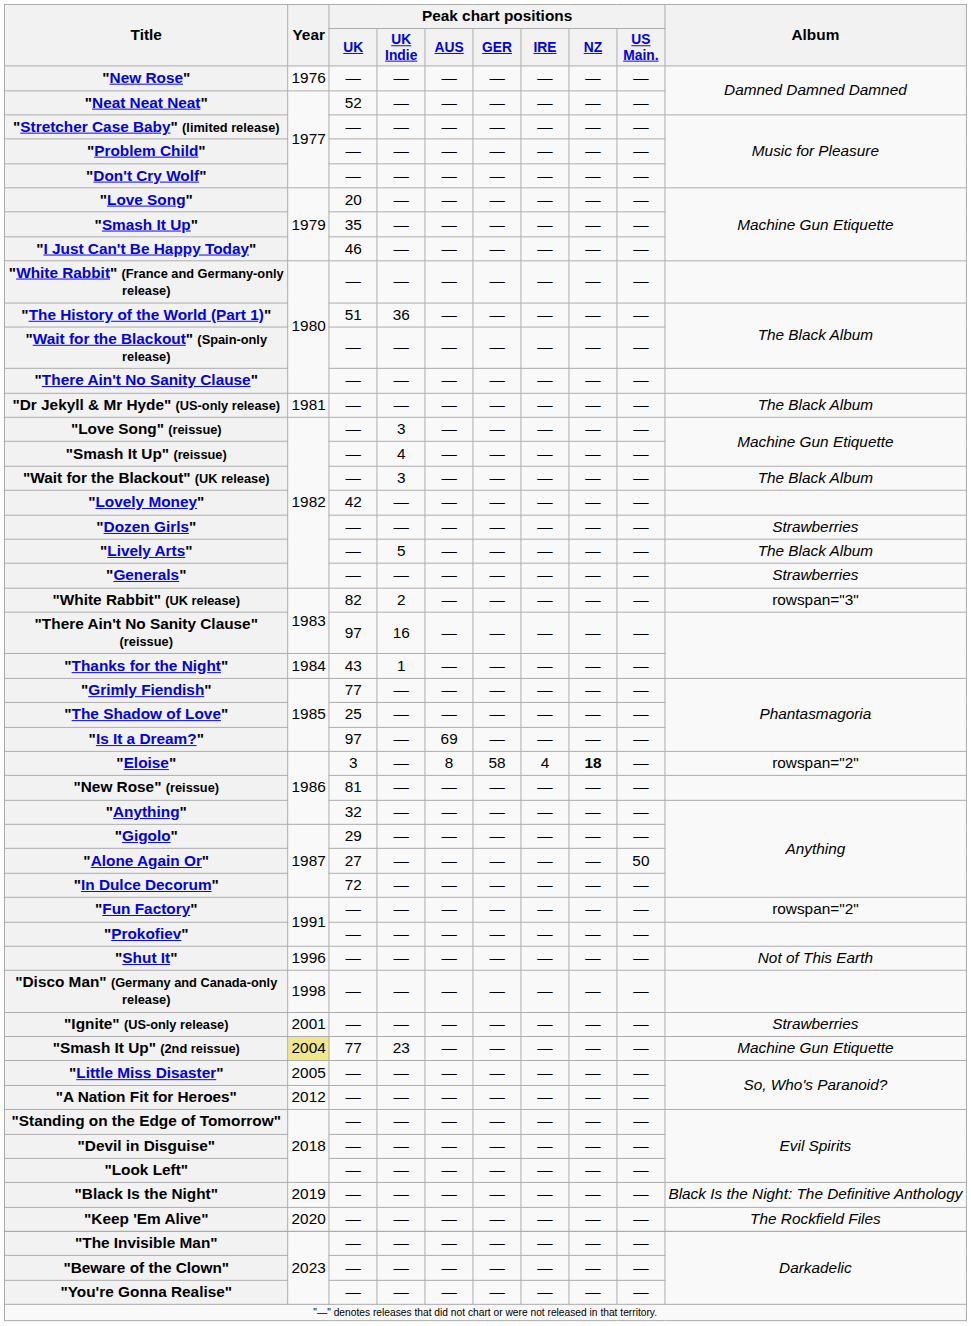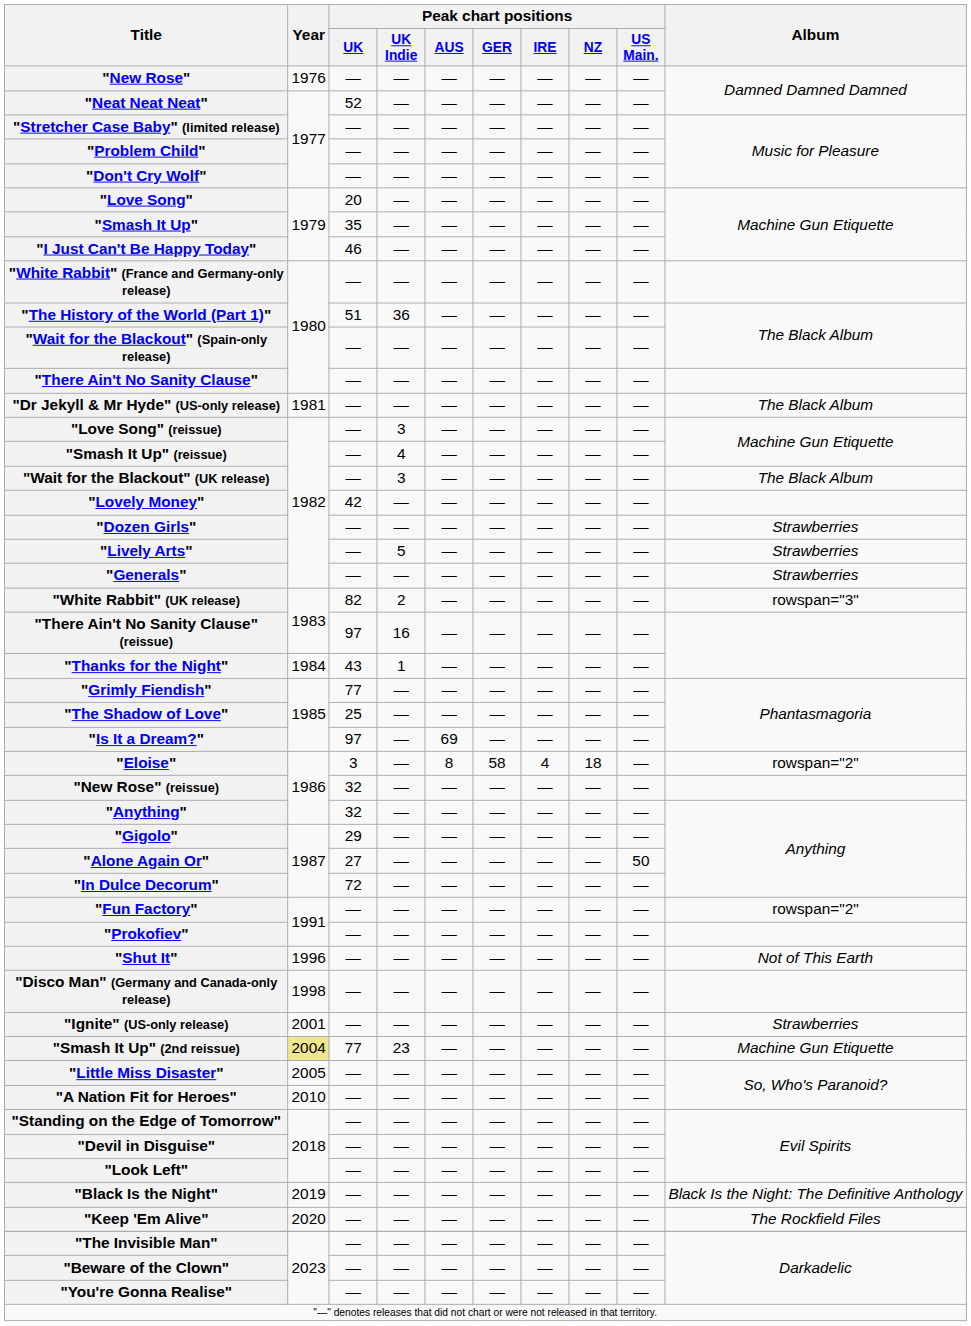 <table class="wikitable plainrowheaders" style="text-align:center;">
 <tr>
 <th rowspan="2" scope="col" style="width:18em;">Title</th>
 <th scope="col" rowspan="2" style="width:2em;">Year</th>
 <th colspan="7" scope="col">Peak chart positions</th>
 <th rowspan="2">Album</th>
 </tr>
 <tr>
 <th scope="col" style="width:3em;font-size:90%;"><a href='#'>UK</a><br></th>
 <th scope="col" style="width:3em;font-size:90%;"><a href='#'>UK<br>Indie</a><br></th>
 <th scope="col" style="width:3em;font-size:90%;"><a href='#'>AUS</a><br></th>
 <th scope="col" style="width:3em;font-size:90%;"><a href='#'>GER</a><br></th>
 <th scope="col" style="width:3em;font-size:90%;"><a href='#'>IRE</a><br></th>
 <th scope="col" style="width:3em;font-size:90%;"><a href='#'>NZ</a><br></th>
 <th scope="col" style="width:3em;font-size:90%;"><a href='#'>US<br>Main.</a><br></th>
 </tr>
 <tr>
 <th scope="row">"<a href='#'>New Rose</a>"</th>
 <td>1976</td>
 <td align="center">—</td>
 <td align="center">—</td>
 <td>—</td>
 <td>—</td>
 <td>—</td>
 <td>—</td>
 <td align="center">—</td>
 <td rowspan="2"><em>Damned Damned Damned</em></td>
 </tr>
 <tr>
 <th scope="row">"<a href='#'>Neat Neat Neat</a>"</th>
 <td rowspan="4">1977</td>
 <td align="center">52</td>
 <td align="center">—</td>
 <td>—</td>
 <td>—</td>
 <td>—</td>
 <td>—</td>
 <td align="center">—</td>
 </tr>
 <tr>
 <th scope="row">"<a href='#'>Stretcher Case Baby</a>" <small>(limited release)</small></th>
 <td align="center">—</td>
 <td align="center">—</td>
 <td>—</td>
 <td>—</td>
 <td>—</td>
 <td>—</td>
 <td>—</td>
 <td rowspan="3"><em>Music for Pleasure</em></td>
 </tr>
 <tr>
 <th scope="row">"<a href='#'>Problem Child</a>"</th>
 <td align="center">—</td>
 <td align="center">—</td>
 <td>—</td>
 <td>—</td>
 <td>—</td>
 <td>—</td>
 <td align="center">—</td>
 </tr>
 <tr>
 <th scope="row">"<a href='#'>Don't Cry Wolf</a>"</th>
 <td align="center">—</td>
 <td>—</td>
 <td>—</td>
 <td>—</td>
 <td>—</td>
 <td>—</td>
 <td align="center">—</td>
 </tr>
 <tr>
 <th scope="row">"<a href='#'>Love Song</a>"</th>
 <td rowspan="3">1979</td>
 <td align="center">20</td>
 <td align="center">—</td>
 <td>—</td>
 <td>—</td>
 <td>—</td>
 <td>—</td>
 <td align="center">—</td>
 <td rowspan="3"><em>Machine Gun Etiquette</em></td>
 </tr>
 <tr>
 <th scope="row">"<a href='#'>Smash It Up</a>"</th>
 <td align="center">35</td>
 <td align="center">—</td>
 <td>—</td>
 <td>—</td>
 <td>—</td>
 <td>—</td>
 <td align="center">—</td>
 </tr>
 <tr>
 <th scope="row">"<a href='#'>I Just Can't Be Happy Today</a>"</th>
 <td align="center">46</td>
 <td align="center">—</td>
 <td>—</td>
 <td>—</td>
 <td>—</td>
 <td>—</td>
 <td align="center">—</td>
 </tr>
 <tr>
 <th scope="row">"<a href='#'>White Rabbit</a>" <small>(France and Germany-only release)</small></th>
 <td rowspan="4">1980</td>
 <td align="center">—</td>
 <td align="center">—</td>
 <td>—</td>
 <td>—</td>
 <td>—</td>
 <td>—</td>
 <td align="center">—</td>
 <td></td>
 </tr>
 <tr>
 <th scope="row">"<a href='#'>The History of the World (Part 1)</a>"</th>
 <td align="center">51</td>
 <td align="center">36</td>
 <td>—</td>
 <td>—</td>
 <td>—</td>
 <td>—</td>
 <td align="center">—</td>
 <td rowspan="2"><em>The Black Album</em></td>
 </tr>
 <tr>
 <th scope="row">"<a href='#'>Wait for the Blackout</a>" <small>(Spain-only release)</small></th>
 <td align="center">—</td>
 <td align="center">—</td>
 <td>—</td>
 <td>—</td>
 <td>—</td>
 <td>—</td>
 <td align="center">—</td>
 </tr>
 <tr>
 <th scope="row">"<a href='#'>There Ain't No Sanity Clause</a>"</th>
 <td align="center">—</td>
 <td align="center">—</td>
 <td>—</td>
 <td>—</td>
 <td>—</td>
 <td>—</td>
 <td align="center">—</td>
 <td></td>
 </tr>
 <tr>
 <th scope="row">"Dr Jekyll & Mr Hyde" <small>(US-only release)</small></th>
 <td>1981</td>
 <td align="center">—</td>
 <td align="center">—</td>
 <td>—</td>
 <td>—</td>
 <td>—</td>
 <td>—</td>
 <td align="center">—</td>
 <td><em>The Black Album</em></td>
 </tr>
 <tr>
 <th scope="row">"Love Song" <small>(reissue)</small></th>
 <td rowspan="7">1982</td>
 <td align="center">—</td>
 <td align="center">3</td>
 <td>—</td>
 <td>—</td>
 <td>—</td>
 <td>—</td>
 <td align="center">—</td>
 <td rowspan="2"><em>Machine Gun Etiquette</em></td>
 </tr>
 <tr>
 <th scope="row">"Smash It Up" <small>(reissue)</small></th>
 <td align="center">—</td>
 <td align="center">4</td>
 <td>—</td>
 <td>—</td>
 <td>—</td>
 <td>—</td>
 <td>—</td>
 </tr>
 <tr>
 <th scope="row">"Wait for the Blackout" <small>(UK release)</small></th>
 <td>—</td>
 <td>3</td>
 <td>—</td>
 <td>—</td>
 <td>—</td>
 <td>—</td>
 <td>—</td>
 <td><em>The Black Album</em></td>
 </tr>
 <tr>
 <th scope="row">"<a href='#'>Lovely Money</a>"</th>
 <td>42</td>
 <td>—</td>
 <td>—</td>
 <td>—</td>
 <td>—</td>
 <td>—</td>
 <td>—</td>
 <td></td>
 </tr>
 <tr>
 <th scope="row">"<a href='#'>Dozen Girls</a>"</th>
 <td>—</td>
 <td>—</td>
 <td>—</td>
 <td>—</td>
 <td>—</td>
 <td>—</td>
 <td>—</td>
 <td><em>Strawberries</em></td>
 </tr>
 <tr>
 <th scope="row">"<a href='#'>Lively Arts</a>"</th>
 <td>—</td>
 <td>5</td>
 <td>—</td>
 <td>—</td>
 <td>—</td>
 <td>—</td>
 <td>—</td>
-<td><em>The Black Album</em></td>
+<td><em>Strawberries</em></td>
 </tr>
 <tr>
 <th scope="row">"<a href='#'>Generals</a>"</th>
 <td>—</td>
 <td>—</td>
 <td>—</td>
 <td>—</td>
 <td>—</td>
 <td>—</td>
 <td>—</td>
 <td><em>Strawberries</em></td>
 </tr>
 <tr>
 <th scope="row">"White Rabbit" <small>(UK release)</small></th>
 <td rowspan="2">1983</td>
 <td>82</td>
 <td>2</td>
 <td>—</td>
 <td>—</td>
 <td>—</td>
 <td>—</td>
 <td>—</td>
 <td>rowspan="3" </td>
 </tr>
 <tr>
 <th scope="row">"There Ain't No Sanity Clause" <small>(reissue)</small></th>
 <td>97</td>
 <td>16</td>
 <td>—</td>
 <td>—</td>
 <td>—</td>
 <td>—</td>
 <td>—</td>
 </tr>
 <tr>
 <th scope="row">"<a href='#'>Thanks for the Night</a>"</th>
 <td>1984</td>
 <td>43</td>
 <td>1</td>
 <td>—</td>
 <td>—</td>
 <td>—</td>
 <td>—</td>
 <td>—</td>
 </tr>
 <tr>
 <th scope="row">"<a href='#'>Grimly Fiendish</a>"</th>
 <td rowspan="3">1985</td>
 <td>77</td>
 <td>—</td>
 <td>—</td>
 <td>—</td>
 <td>—</td>
 <td>—</td>
 <td>—</td>
 <td rowspan="3"><em>Phantasmagoria</em></td>
 </tr>
 <tr>
 <th scope="row">"<a href='#'>The Shadow of Love</a>"</th>
 <td>25</td>
 <td>—</td>
 <td>—</td>
 <td>—</td>
 <td>—</td>
 <td>—</td>
 <td>—</td>
 </tr>
 <tr>
 <th scope="row">"<a href='#'>Is It a Dream?</a>"</th>
 <td>97</td>
 <td>—</td>
 <td>69</td>
 <td>—</td>
 <td>—</td>
 <td>—</td>
 <td>—</td>
 </tr>
 <tr>
 <th scope="row">"<a href='#'>Eloise</a>"</th>
 <td rowspan="3">1986</td>
 <td>3</td>
 <td>—</td>
 <td>8</td>
 <td>58</td>
 <td>4</td>
-<td><strong>18</strong></td>
+<td>18</td>
 <td>—</td>
 <td>rowspan="2" </td>
 </tr>
 <tr>
 <th scope="row">"New Rose" <small>(reissue)</small></th>
-<td>81</td>
+<td>32</td>
 <td>—</td>
 <td>—</td>
 <td>—</td>
 <td>—</td>
 <td>—</td>
 <td>—</td>
 </tr>
 <tr>
 <th scope="row">"<a href='#'>Anything</a>"</th>
 <td>32</td>
 <td>—</td>
 <td>—</td>
 <td>—</td>
 <td>—</td>
 <td>—</td>
 <td>—</td>
 <td rowspan="4"><em>Anything</em></td>
 </tr>
 <tr>
 <th scope="row">"<a href='#'>Gigolo</a>"</th>
 <td rowspan="3">1987</td>
 <td>29</td>
 <td>—</td>
 <td>—</td>
 <td>—</td>
 <td>—</td>
 <td>—</td>
 <td>—</td>
 </tr>
 <tr>
 <th scope="row">"<a href='#'>Alone Again Or</a>"</th>
 <td>27</td>
 <td>—</td>
 <td>—</td>
 <td>—</td>
 <td>—</td>
 <td>—</td>
 <td>50</td>
 </tr>
 <tr>
 <th scope="row">"<a href='#'>In Dulce Decorum</a>"</th>
 <td>72</td>
 <td>—</td>
 <td>—</td>
 <td>—</td>
 <td>—</td>
 <td>—</td>
 <td>—</td>
 </tr>
 <tr>
 <th scope="row">"<a href='#'>Fun Factory</a>" </th>
 <td rowspan="2">1991</td>
 <td>—</td>
 <td>—</td>
 <td>—</td>
 <td>—</td>
 <td>—</td>
 <td>—</td>
 <td>—</td>
 <td>rowspan="2" </td>
 </tr>
 <tr>
 <th scope="row">"<a href='#'>Prokofiev</a>"</th>
 <td>—</td>
 <td>—</td>
 <td>—</td>
 <td>—</td>
 <td>—</td>
 <td>—</td>
 <td>—</td>
 </tr>
 <tr>
 <th scope="row">"<a href='#'>Shut It</a>"</th>
 <td>1996</td>
 <td>—</td>
 <td>—</td>
 <td>—</td>
 <td>—</td>
 <td>—</td>
 <td>—</td>
 <td>—</td>
 <td><em>Not of This Earth</em></td>
 </tr>
 <tr>
 <th scope="row">"Disco Man" <small>(Germany and Canada-only release)</small></th>
 <td>1998</td>
 <td>—</td>
 <td>—</td>
 <td>—</td>
 <td>—</td>
 <td>—</td>
 <td>—</td>
 <td>—</td>
 <td></td>
 </tr>
 <tr>
 <th scope="row">"Ignite" <small>(US-only release)</small></th>
 <td>2001</td>
 <td>—</td>
 <td>—</td>
 <td>—</td>
 <td>—</td>
 <td>—</td>
 <td>—</td>
 <td>—</td>
 <td><em>Strawberries</em></td>
 </tr>
 <tr>
 <th scope="row">"Smash It Up" <small>(2nd reissue)</small></th>
 <td style="background: khaki;">2004</td>
 <td>77</td>
 <td>23</td>
 <td>—</td>
 <td>—</td>
 <td>—</td>
 <td>—</td>
 <td>—</td>
 <td><em>Machine Gun Etiquette</em></td>
 </tr>
 <tr>
 <th scope="row">"<a href='#'>Little Miss Disaster</a>"</th>
 <td>2005</td>
 <td>—</td>
 <td>—</td>
 <td>—</td>
 <td>—</td>
 <td>—</td>
 <td>—</td>
 <td>—</td>
 <td rowspan="2"><em>So, Who's Paranoid?</em></td>
 </tr>
 <tr>
 <th scope="row">"A Nation Fit for Heroes"</th>
-<td>2012</td>
+<td>2010</td>
 <td>—</td>
 <td>—</td>
 <td>—</td>
 <td>—</td>
 <td>—</td>
 <td>—</td>
 <td>—</td>
 </tr>
 <tr>
 <th scope="row">"Standing on the Edge of Tomorrow"</th>
 <td rowspan="3">2018</td>
 <td>—</td>
 <td>—</td>
 <td>—</td>
 <td>—</td>
 <td>—</td>
 <td>—</td>
 <td>—</td>
 <td rowspan="3"><em>Evil Spirits</em></td>
 </tr>
 <tr>
 <th scope="row">"Devil in Disguise"</th>
 <td>—</td>
 <td>—</td>
 <td>—</td>
 <td>—</td>
 <td>—</td>
 <td>—</td>
 <td>—</td>
 </tr>
 <tr>
 <th scope="row">"Look Left"</th>
 <td>—</td>
 <td>—</td>
 <td>—</td>
 <td>—</td>
 <td>—</td>
 <td>—</td>
 <td>—</td>
 </tr>
 <tr>
 <th scope="row">"Black Is the Night"</th>
 <td>2019</td>
 <td>—</td>
 <td>—</td>
 <td>—</td>
 <td>—</td>
 <td>—</td>
 <td>—</td>
 <td>—</td>
 <td><em>Black Is the Night: The Definitive Anthology</em></td>
 </tr>
 <tr>
 <th scope="row">"Keep 'Em Alive"</th>
 <td>2020</td>
 <td>—</td>
 <td>—</td>
 <td>—</td>
 <td>—</td>
 <td>—</td>
 <td>—</td>
 <td>—</td>
 <td><em>The Rockfield Files</em></td>
 </tr>
 <tr>
 </tr>
 <tr>
 <th scope="row">"The Invisible Man"</th>
 <td rowspan="3">2023</td>
 <td>—</td>
 <td>—</td>
 <td>—</td>
 <td>—</td>
 <td>—</td>
 <td>—</td>
 <td>—</td>
 <td rowspan="3"><em>Darkadelic</em></td>
 </tr>
 <tr>
 <th scope="row">"Beware of the Clown"</th>
 <td>—</td>
 <td>—</td>
 <td>—</td>
 <td>—</td>
 <td>—</td>
 <td>—</td>
 <td>—</td>
 </tr>
 <tr>
 <th scope="row">"You're Gonna Realise"</th>
 <td>—</td>
 <td>—</td>
 <td>—</td>
 <td>—</td>
 <td>—</td>
 <td>—</td>
 <td>—</td>
 </tr>
 <tr>
 <td colspan="10" style="font-size:8pt">"—" denotes releases that did not chart or were not released in that territory.</td>
 </tr>
 </table>
